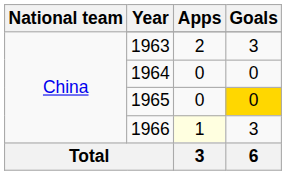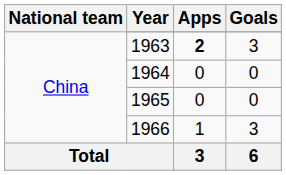 <table class="wikitable" style="text-align:center">
 <tr>
 <th>National team</th>
 <th>Year</th>
 <th>Apps</th>
 <th>Goals</th>
 </tr>
 <tr>
 <td rowspan="5"><a href='#'>China</a></td>
 </tr>
 <tr>
 <td>1963</td>
-<td>2</td>
+<td><strong>2</strong></td>
 <td>3</td>
 </tr>
 <tr>
 <td>1964</td>
 <td>0</td>
 <td>0</td>
 </tr>
 <tr>
 <td>1965</td>
 <td>0</td>
-<td style="background: gold;">0</td>
+<td>0</td>
 </tr>
 <tr>
 <td>1966</td>
-<td style="background: lightyellow;">1</td>
+<td>1</td>
 <td>3</td>
 </tr>
 <tr>
 <th colspan=2>Total</th>
 <th>3</th>
 <th>6</th>
 </tr>
 </table>
